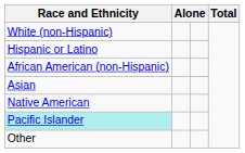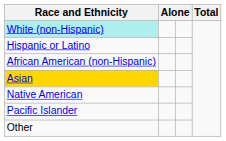 <table class="wikitable sortable collapsible"; text-align:right; font-size:80%;">
 <tr>
 <th>Race and Ethnicity</th>
 <th colspan="2" data-sort-type=number>Alone</th>
 <th colspan="2" data-sort-type=number>Total</th>
 </tr>
 <tr>
-<td><a href='#'>White (non-Hispanic)</a></td>
+<td style="background: paleturquoise;"><a href='#'>White (non-Hispanic)</a></td>
 <td align=right></td>
 <td align=right></td>
 </tr>
 <tr>
 <td><a href='#'>Hispanic or Latino</a></td>
 <td align=right></td>
 <td align=right></td>
 </tr>
 <tr>
 <td><a href='#'>African American (non-Hispanic)</a></td>
 <td align=right></td>
 <td align=right></td>
 </tr>
 <tr>
-<td><a href='#'>Asian</a></td>
+<td style="background: gold;"><a href='#'>Asian</a></td>
 <td align=right></td>
 <td align=right></td>
 </tr>
 <tr>
 <td><a href='#'>Native American</a></td>
 <td align=right></td>
 <td align=right></td>
 </tr>
 <tr>
-<td style="background: paleturquoise;"><a href='#'>Pacific Islander</a></td>
+<td><a href='#'>Pacific Islander</a></td>
 <td align=right></td>
 <td align=right></td>
 </tr>
 <tr>
 <td>Other</td>
 <td align=right></td>
 <td align=right></td>
 </tr>
 </table>
